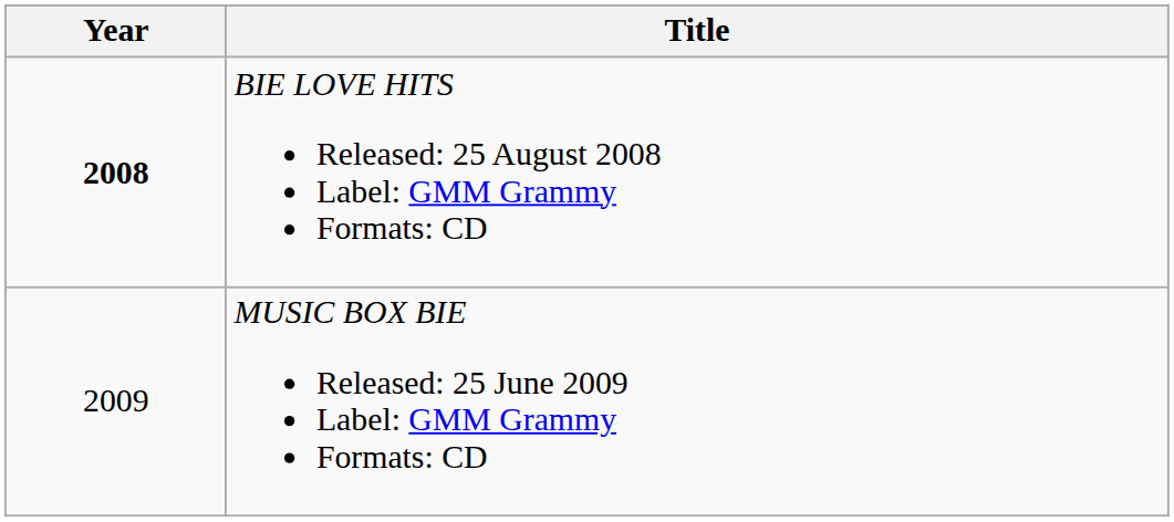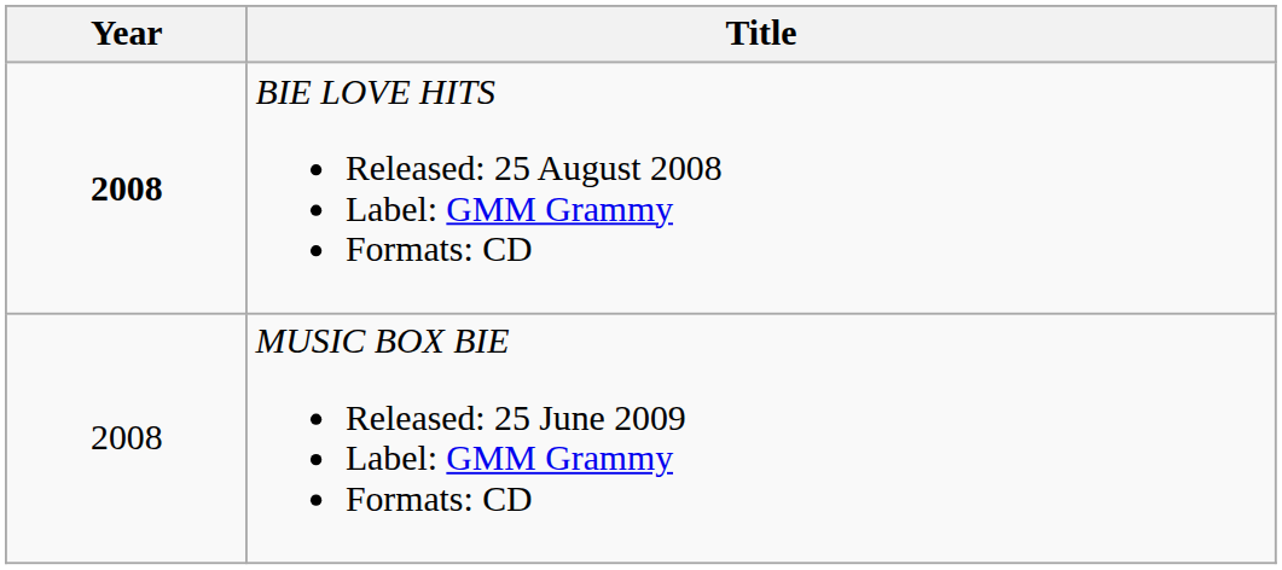 <table class="wikitable">
 <tr>
 <th style=" width:100px;">Year</th>
 <th style=" width:450px;">Title</th>
 </tr>
 <tr>
 <td style="text-align:center;"><strong>2008</strong></td>
 <td><em> BIE LOVE HITS </em><br><ul><li>Released: 25 August 2008</li><li>Label: <a href='#'>GMM Grammy</a></li><li>Formats: CD</li></ul></td>
 </tr>
 <tr>
-<td style="text-align:center;">2009</td>
+<td style="text-align:center;">2008</td>
 <td><em> MUSIC BOX BIE</em><br><ul><li>Released: 25 June 2009</li><li>Label: <a href='#'>GMM Grammy</a></li><li>Formats: CD</li></ul></td>
 </tr>
 </table>
